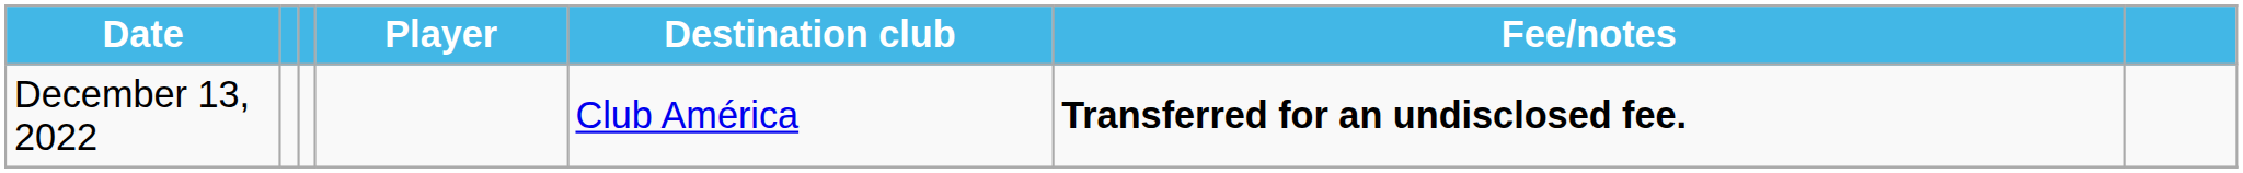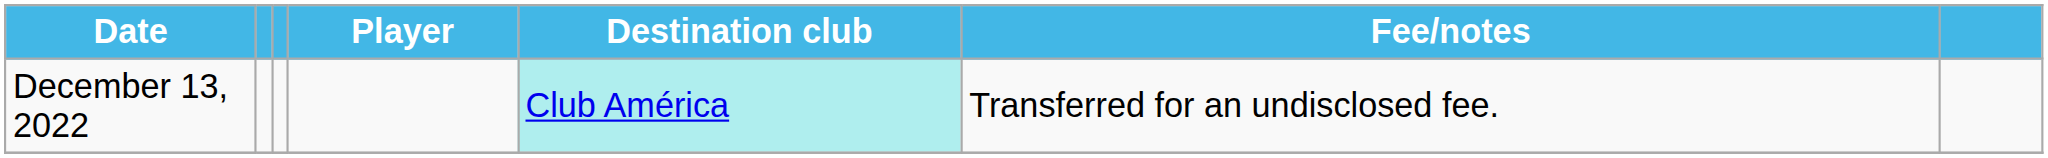 <table class="wikitable sortable">
 <tr>
 <th style="background:#42b7e6; color:#fff; width:110px;" data-sort-type="date" scope="col">Date</th>
 <th style="background:#42b7e6; color:#fff;" scope="col"></th>
 <th style="background:#42b7e6; color:#fff;" scope="col"></th>
 <th style="background:#42b7e6; color:#fff; width:100px;" scope="col">Player</th>
 <th style="background:#42b7e6; color:#fff; width:200px;" scope="col">Destination club</th>
 <th style="background:#42b7e6; color:#fff; width:450px;" scope="col">Fee/notes</th>
 <th style="background:#42b7e6; color:#fff; width:40px;" scope="col"></th>
 </tr>
 <tr>
 <td>December 13, 2022</td>
 <td></td>
 <td></td>
 <td></td>
-<td> <a href='#'>Club América</a></td>
-<td><strong>Transferred for an undisclosed fee.</strong></td>
+<td style="background: paleturquoise;"> <a href='#'>Club América</a></td>
+<td>Transferred for an undisclosed fee.</td>
 <td></td>
 </tr>
 <tr>
 </tr>
 </table>
